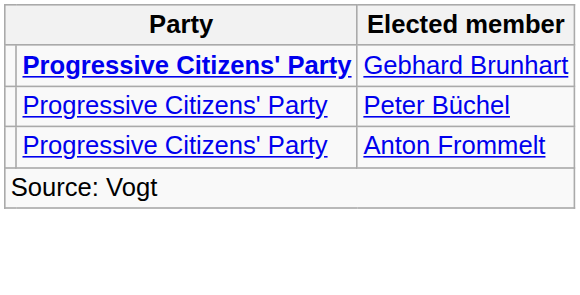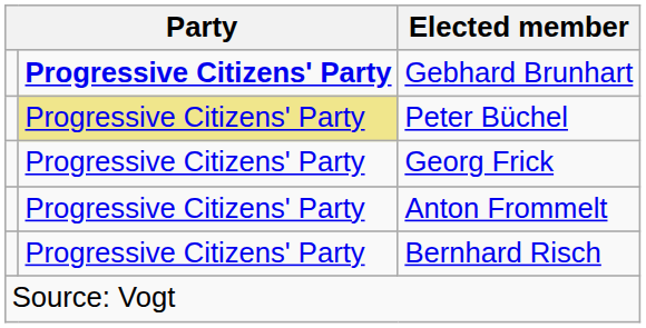 <table class="wikitable">
 <tr>
 <th colspan="2">Party</th>
 <th>Elected member</th>
 </tr>
 <tr>
 <td></td>
 <td style="text-align: left;"><strong><a href='#'>Progressive Citizens' Party</a></strong></td>
 <td align="left"><a href='#'>Gebhard Brunhart</a></td>
 </tr>
 <tr>
 <td></td>
+<td style="background: khaki; text-align: left;"><a href='#'>Progressive Citizens' Party</a></td>
+<td align="left"><a href='#'>Peter Büchel</a></td>
+</tr>
+<tr>
+<td></td>
 <td style="text-align: left;"><a href='#'>Progressive Citizens' Party</a></td>
-<td align="left"><a href='#'>Peter Büchel</a></td>
+<td align="left"><a href='#'>Georg Frick</a></td>
 </tr>
 <tr>
 <td></td>
 <td style="text-align: left;"><a href='#'>Progressive Citizens' Party</a></td>
 <td align="left"><a href='#'>Anton Frommelt</a></td>
 </tr>
 <tr>
+<td></td>
+<td style="text-align: left;"><a href='#'>Progressive Citizens' Party</a></td>
+<td align="left"><a href='#'>Bernhard Risch</a></td>
+</tr>
+<tr>
 <td colspan="3">Source: Vogt</td>
 </tr>
 </table>
